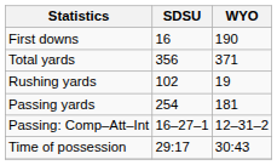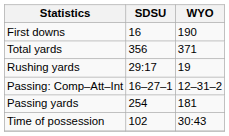 <table class="wikitable" style="float: left;">
 <tr>
 <th>Statistics</th>
 <th>SDSU</th>
 <th>WYO</th>
 </tr>
 <tr>
 <td>First downs</td>
 <td>16</td>
 <td>190</td>
 </tr>
 <tr>
 <td>Total yards</td>
 <td>356</td>
 <td>371</td>
 </tr>
 <tr>
 <td>Rushing yards</td>
-<td>102</td>
+<td>29:17</td>
 <td>19</td>
+</tr>
+<tr>
+<td>Passing: Comp–Att–Int</td>
+<td>16–27–1</td>
+<td>12–31–2</td>
 </tr>
 <tr>
 <td>Passing yards</td>
 <td>254</td>
 <td>181</td>
 </tr>
 <tr>
-<td>Passing: Comp–Att–Int</td>
-<td>16–27–1</td>
-<td>12–31–2</td>
-</tr>
-<tr>
 <td>Time of possession</td>
-<td>29:17</td>
+<td>102</td>
 <td>30:43</td>
 </tr>
 <tr>
 </tr>
 </table>
